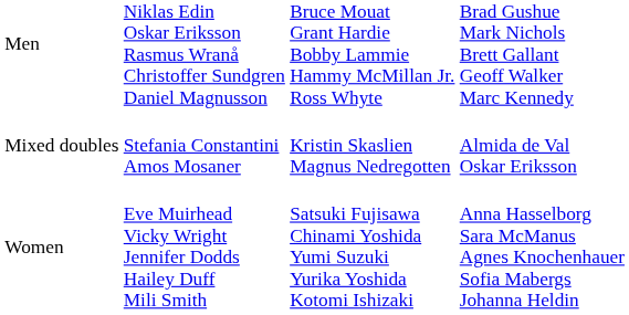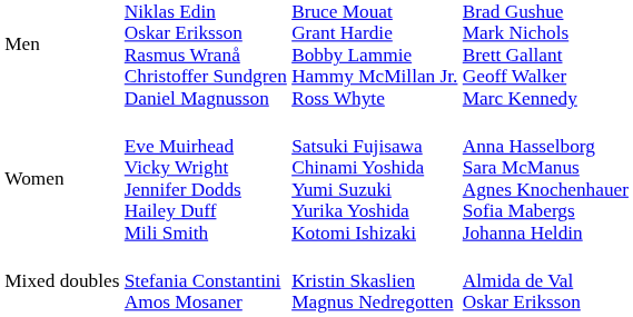 <table>
 <tr>
 <td>Men<br></td>
 <td><br><a href='#'>Niklas Edin</a><br><a href='#'>Oskar Eriksson</a><br><a href='#'>Rasmus Wranå</a><br><a href='#'>Christoffer Sundgren</a><br><a href='#'>Daniel Magnusson</a></td>
 <td><br><a href='#'>Bruce Mouat</a><br><a href='#'>Grant Hardie</a><br><a href='#'>Bobby Lammie</a><br><a href='#'>Hammy McMillan Jr.</a><br><a href='#'>Ross Whyte</a></td>
 <td><br><a href='#'>Brad Gushue</a><br><a href='#'>Mark Nichols</a><br><a href='#'>Brett Gallant</a><br><a href='#'>Geoff Walker</a><br><a href='#'>Marc Kennedy</a></td>
 </tr>
 <tr>
+<td>Women<br></td>
+<td><br><a href='#'>Eve Muirhead</a><br><a href='#'>Vicky Wright</a><br><a href='#'>Jennifer Dodds</a><br><a href='#'>Hailey Duff</a><br><a href='#'>Mili Smith</a></td>
+<td><br><a href='#'>Satsuki Fujisawa</a><br><a href='#'>Chinami Yoshida</a><br><a href='#'>Yumi Suzuki</a><br><a href='#'>Yurika Yoshida</a><br><a href='#'>Kotomi Ishizaki</a></td>
+<td><br><a href='#'>Anna Hasselborg</a><br><a href='#'>Sara McManus</a><br><a href='#'>Agnes Knochenhauer</a><br><a href='#'>Sofia Mabergs</a><br><a href='#'>Johanna Heldin</a></td>
+</tr>
+<tr>
 <td>Mixed doubles<br></td>
 <td><br><a href='#'>Stefania Constantini</a><br><a href='#'>Amos Mosaner</a></td>
 <td><br><a href='#'>Kristin Skaslien</a><br><a href='#'>Magnus Nedregotten</a></td>
 <td><br><a href='#'>Almida de Val</a><br><a href='#'>Oskar Eriksson</a></td>
 </tr>
-<tr>
-<td>Women<br></td>
-<td><br><a href='#'>Eve Muirhead</a><br><a href='#'>Vicky Wright</a><br><a href='#'>Jennifer Dodds</a><br><a href='#'>Hailey Duff</a><br><a href='#'>Mili Smith</a></td>
-<td><br><a href='#'>Satsuki Fujisawa</a><br><a href='#'>Chinami Yoshida</a><br><a href='#'>Yumi Suzuki</a><br><a href='#'>Yurika Yoshida</a><br><a href='#'>Kotomi Ishizaki</a></td>
-<td><br><a href='#'>Anna Hasselborg</a><br><a href='#'>Sara McManus</a><br><a href='#'>Agnes Knochenhauer</a><br><a href='#'>Sofia Mabergs</a><br><a href='#'>Johanna Heldin</a></td>
-</tr>
 </table>
